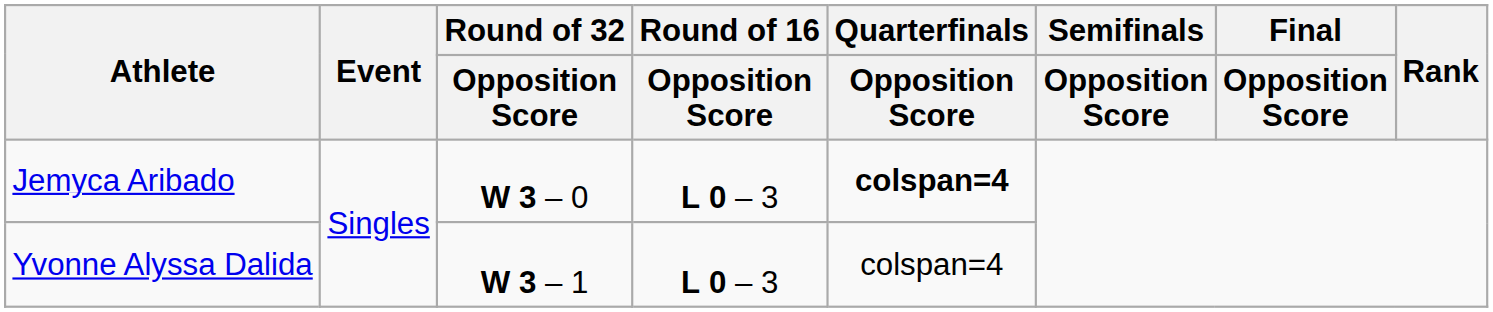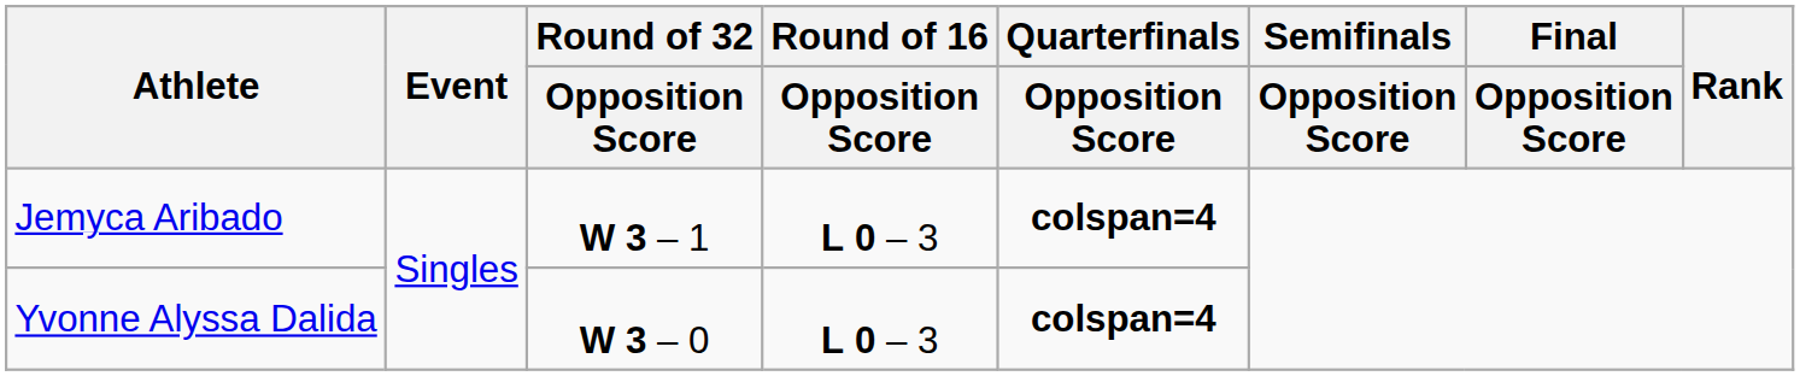 <table class=wikitable style="text-align:center; font-size:90%">
 <tr>
 <th rowspan="2">Athlete</th>
 <th rowspan=2>Event</th>
 <th>Round of 32</th>
 <th>Round of 16</th>
 <th>Quarterfinals</th>
 <th>Semifinals</th>
 <th>Final</th>
 <th rowspan="2">Rank</th>
 </tr>
 <tr>
 <th>Opposition<br>Score</th>
 <th>Opposition<br>Score</th>
 <th>Opposition<br>Score</th>
 <th>Opposition<br>Score</th>
 <th>Opposition<br>Score</th>
 </tr>
 <tr>
 <td align=left><a href='#'>Jemyca Aribado</a></td>
 <td style="text-align:left;" rowspan="2"><a href='#'>Singles</a></td>
-<td><br> <strong>W</strong> <strong>3</strong> – 0</td>
+<td><br> <strong>W</strong> <strong>3</strong> – 1</td>
 <td><br> <strong>L</strong> <strong>0</strong> – 3</td>
 <td><strong>colspan=4</strong></td>
 </tr>
 <tr>
 <td align=left><a href='#'>Yvonne Alyssa Dalida</a></td>
-<td><br> <strong>W</strong> <strong>3</strong> – 1</td>
+<td><br> <strong>W</strong> <strong>3</strong> – 0</td>
 <td><br> <strong>L</strong> <strong>0</strong> – 3</td>
-<td>colspan=4</td>
+<td><strong>colspan=4</strong></td>
 </tr>
 </table>
